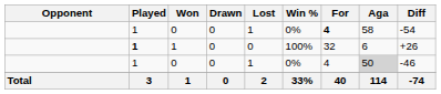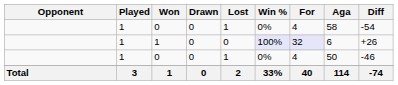 <table class="wikitable sortable" style="font-size:100%">
 <tr>
 <th style="width:180px;">Opponent</th>
 <th style="width:50px;">Played</th>
 <th style="width:50px;">Won</th>
 <th style="width:50px;">Drawn</th>
 <th style="width:50px;">Lost</th>
 <th style="width:50px;">Win %</th>
 <th style="width:50px;">For</th>
 <th style="width:50px;">Aga</th>
 <th style="width:50px;">Diff</th>
 </tr>
 <tr>
 <td style="text-align:left;"></td>
 <td>1</td>
 <td>0</td>
 <td>0</td>
 <td>1</td>
 <td>0%</td>
-<td><strong>4</strong></td>
+<td>4</td>
 <td>58</td>
 <td>-54</td>
 </tr>
 <tr>
 <td style="text-align:left;"></td>
-<td><strong>1</strong></td>
+<td>1</td>
 <td>1</td>
 <td>0</td>
 <td>0</td>
-<td>100%</td>
-<td>32</td>
+<td style="background: lavender;">100%</td>
+<td style="background: lavender;">32</td>
 <td>6</td>
 <td>+26</td>
 </tr>
 <tr>
 <td style="text-align:left;"></td>
 <td>1</td>
 <td>0</td>
 <td>0</td>
 <td>1</td>
 <td>0%</td>
 <td>4</td>
-<td style="background: lightgrey;">50</td>
+<td>50</td>
 <td>-46</td>
 </tr>
 <tr>
 </tr>
 <tr>
 <th style="text-align:left;">Total</th>
 <th>3</th>
 <th>1</th>
 <th>0</th>
 <th>2</th>
 <th>33%</th>
 <th>40</th>
 <th>114</th>
 <th>-74</th>
 </tr>
 </table>
